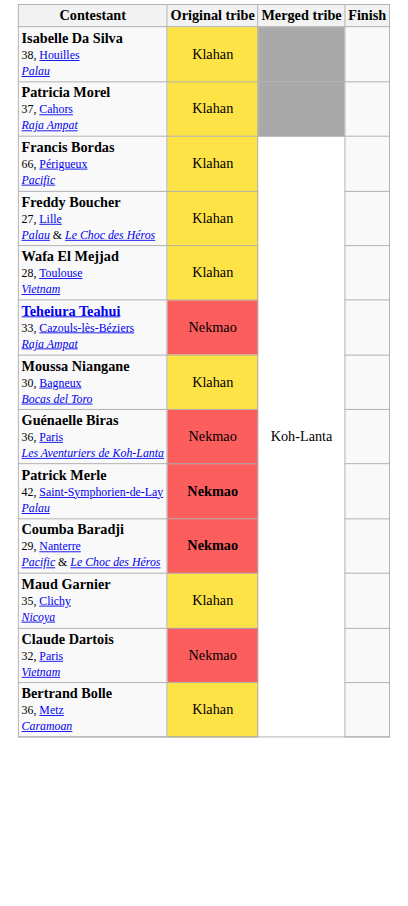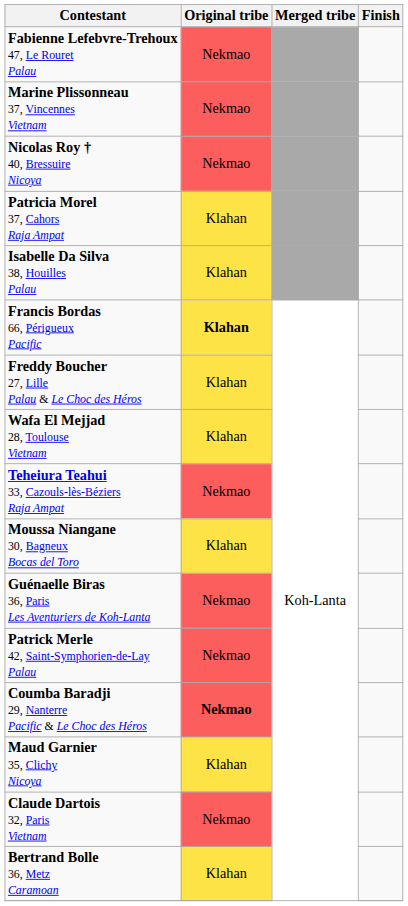 <table class="wikitable sortable" style="margin:auto; text-align:center">
 <tr>
 <th>Contestant</th>
 <th>Original tribe</th>
 <th>Merged tribe</th>
 <th>Finish</th>
 </tr>
 <tr>
-<td align="left"><strong>Isabelle Da Silva</strong><br><small>38, <a href='#'>Houilles</a><br><em><a href='#'>Palau</a></em></small></td>
-<td bgcolor="#fee347">Klahan</td>
+<td align="left"><strong>Fabienne Lefebvre-Trehoux</strong><br><small>47, <a href='#'>Le Rouret</a><br><em><a href='#'>Palau</a></em></small></td>
+<td bgcolor="#fc5d5d">Nekmao</td>
+<td bgcolor="darkgrey"></td>
+<td></td>
+</tr>
+<tr>
+<td align="left"><strong>Marine Plissonneau</strong><br><small>37, <a href='#'>Vincennes</a><br><em><a href='#'>Vietnam</a></em></small></td>
+<td bgcolor="#fc5d5d">Nekmao</td>
+<td bgcolor="darkgrey"></td>
+<td></td>
+</tr>
+<tr>
+<td align="left"><strong>Nicolas Roy †</strong><br><small>40, <a href='#'>Bressuire</a><br><em><a href='#'>Nicoya</a></em></small></td>
+<td bgcolor="#fc5d5d">Nekmao</td>
 <td bgcolor="darkgrey"></td>
 <td></td>
 </tr>
 <tr>
 <td align="left"><strong>Patricia Morel</strong><br><small>37, <a href='#'>Cahors</a><br><em><a href='#'>Raja Ampat</a></em></small></td>
 <td bgcolor="#fee347">Klahan</td>
 <td bgcolor="darkgrey"></td>
 <td></td>
 </tr>
 <tr>
+<td align="left"><strong>Isabelle Da Silva</strong><br><small>38, <a href='#'>Houilles</a><br><em><a href='#'>Palau</a></em></small></td>
+<td bgcolor="#fee347">Klahan</td>
+<td bgcolor="darkgrey"></td>
+<td></td>
+</tr>
+<tr>
 <td align="left"><strong>Francis Bordas</strong><br><small>66, <a href='#'>Périgueux</a><br><em><a href='#'>Pacific</a></em></small></td>
-<td bgcolor="#fee347">Klahan</td>
+<td bgcolor="#fee347"><strong>Klahan</strong></td>
 <td rowspan="12" bgcolor="white">Koh-Lanta</td>
 <td></td>
 </tr>
 <tr>
 <td align="left"><strong>Freddy Boucher</strong><br><small>27, <a href='#'>Lille</a><br><em><a href='#'>Palau</a></em> & <em><a href='#'>Le Choc des Héros</a></em></small></td>
 <td bgcolor="#fee347">Klahan</td>
 <td></td>
 </tr>
 <tr>
 <td align="left"><strong>Wafa El Mejjad</strong><br><small>28, <a href='#'>Toulouse</a><br><em><a href='#'>Vietnam</a></em></small></td>
 <td bgcolor="#fee347">Klahan</td>
 <td></td>
 </tr>
 <tr>
 <td align="left"><strong><a href='#'>Teheiura Teahui</a></strong><br><small>33, <a href='#'>Cazouls-lès-Béziers</a><br><em><a href='#'>Raja Ampat</a></em></small></td>
 <td bgcolor="#fc5d5d">Nekmao</td>
 <td></td>
 </tr>
 <tr>
 <td align="left"><strong>Moussa Niangane</strong><br><small>30, <a href='#'>Bagneux</a><br><em><a href='#'>Bocas del Toro</a></em></small></td>
 <td bgcolor="#fee347">Klahan</td>
 <td></td>
 </tr>
 <tr>
 <td align="left"><strong>Guénaelle Biras</strong><br><small>36, <a href='#'>Paris</a><br><em><a href='#'>Les Aventuriers de Koh-Lanta</a></em></small></td>
 <td bgcolor="#fc5d5d">Nekmao</td>
 <td></td>
 </tr>
 <tr>
 <td align="left"><strong>Patrick Merle</strong><br><small>42, <a href='#'>Saint-Symphorien-de-Lay</a><br><em><a href='#'>Palau</a></em></small></td>
-<td bgcolor="#fc5d5d"><strong>Nekmao</strong></td>
+<td bgcolor="#fc5d5d">Nekmao</td>
 <td></td>
 </tr>
 <tr>
 <td align="left"><strong>Coumba Baradji</strong><br><small>29, <a href='#'>Nanterre</a><br><em><a href='#'>Pacific</a></em> & <em><a href='#'>Le Choc des Héros</a></em></small></td>
 <td bgcolor="#fc5d5d"><strong>Nekmao</strong></td>
 <td></td>
 </tr>
 <tr>
 <td align="left"><strong>Maud Garnier</strong><br><small>35, <a href='#'>Clichy</a><br><em><a href='#'>Nicoya</a></em></small></td>
 <td bgcolor="#fee347">Klahan</td>
 <td></td>
 </tr>
 <tr>
 <td align="left"><strong>Claude Dartois</strong><br><small>32, <a href='#'>Paris</a><br><em><a href='#'>Vietnam</a></em></small></td>
 <td bgcolor="#fc5d5d">Nekmao</td>
 <td></td>
 </tr>
 <tr>
 <td align="left"><strong>Bertrand Bolle</strong><br><small>36, <a href='#'>Metz</a><br><em><a href='#'>Caramoan</a></em></small></td>
 <td bgcolor="#fee347">Klahan</td>
 <td></td>
 </tr>
 <tr>
 </tr>
 </table>
